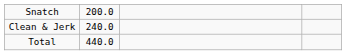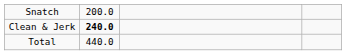 <table class = "wikitable" style="text-align:center;">
 <tr>
 <td width=100>Snatch</td>
 <td width=50>200.0</td>
 <td width=250 align=left></td>
 <td width=50></td>
 </tr>
 <tr>
 <td>Clean & Jerk</td>
-<td>240.0</td>
+<td><strong>240.0</strong></td>
 <td align=left></td>
 <td></td>
 </tr>
 <tr>
 <td>Total</td>
 <td>440.0</td>
 <td align=left></td>
 <td></td>
 </tr>
 </table>
